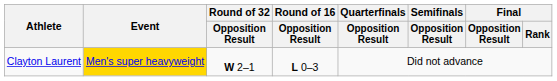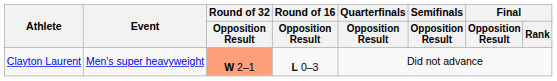 <table class="wikitable" style="font-size:90%">
 <tr>
 <th rowspan="2">Athlete</th>
 <th rowspan="2">Event</th>
 <th>Round of 32</th>
 <th>Round of 16</th>
 <th>Quarterfinals</th>
 <th>Semifinals</th>
 <th colspan=2>Final</th>
 </tr>
 <tr style="font-size:95%">
 <th>Opposition<br>Result</th>
 <th>Opposition<br>Result</th>
 <th>Opposition<br>Result</th>
 <th>Opposition<br>Result</th>
 <th>Opposition<br>Result</th>
 <th>Rank</th>
 </tr>
 <tr align=center>
 <td align=left><a href='#'>Clayton Laurent</a></td>
-<td align=left style="background: gold;"><a href='#'>Men's super heavyweight</a></td>
-<td><br><strong>W</strong> 2–1</td>
+<td align=left><a href='#'>Men's super heavyweight</a></td>
+<td style="background: lightsalmon;"><br><strong>W</strong> 2–1</td>
 <td><br><strong>L</strong> 0–3</td>
 <td colspan=4>Did not advance</td>
 </tr>
 </table>
